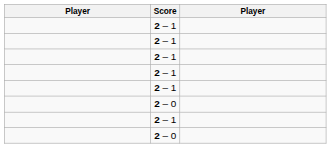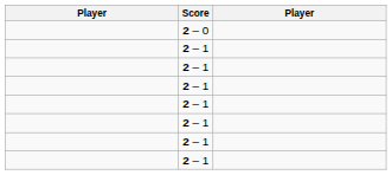 <table class="wikitable">
 <tr style="font-size:10pt;font-weight:bold">
 <th width=230>Player</th>
 <th width=40>Score</th>
 <th width=230>Player</th>
+</tr>
+<tr>
+<td></td>
+<td align=center><strong>2</strong> – 0</td>
+<td></td>
 </tr>
 <tr>
 <td></td>
 <td align=center><strong>2</strong> – 1</td>
 <td></td>
 </tr>
 <tr>
 <td></td>
 <td align=center><strong>2</strong> – 1</td>
 <td></td>
 </tr>
 <tr>
 <td></td>
 <td align=center><strong>2</strong> – 1</td>
 <td></td>
 </tr>
 <tr>
 <td></td>
 <td align=center><strong>2</strong> – 1</td>
 <td></td>
 </tr>
 <tr>
 <td></td>
 <td align=center><strong>2</strong> – 1</td>
 <td></td>
 </tr>
 <tr>
 <td></td>
-<td align=center><strong>2</strong> – 0</td>
+<td align=center><strong>2</strong> – 1</td>
 <td></td>
 </tr>
 <tr>
 <td></td>
 <td align=center><strong>2</strong> – 1</td>
 <td></td>
 </tr>
-<tr>
-<td></td>
-<td align=center><strong>2</strong> – 0</td>
-<td></td>
-</tr>
 </table>
